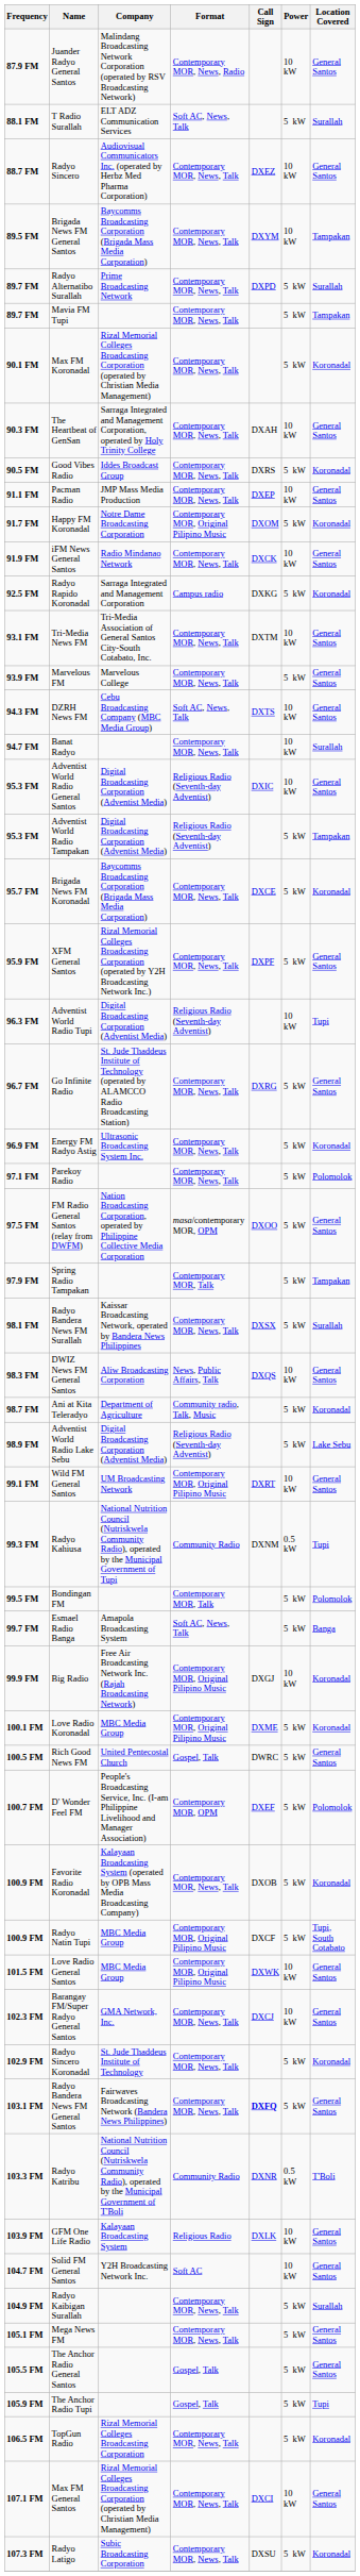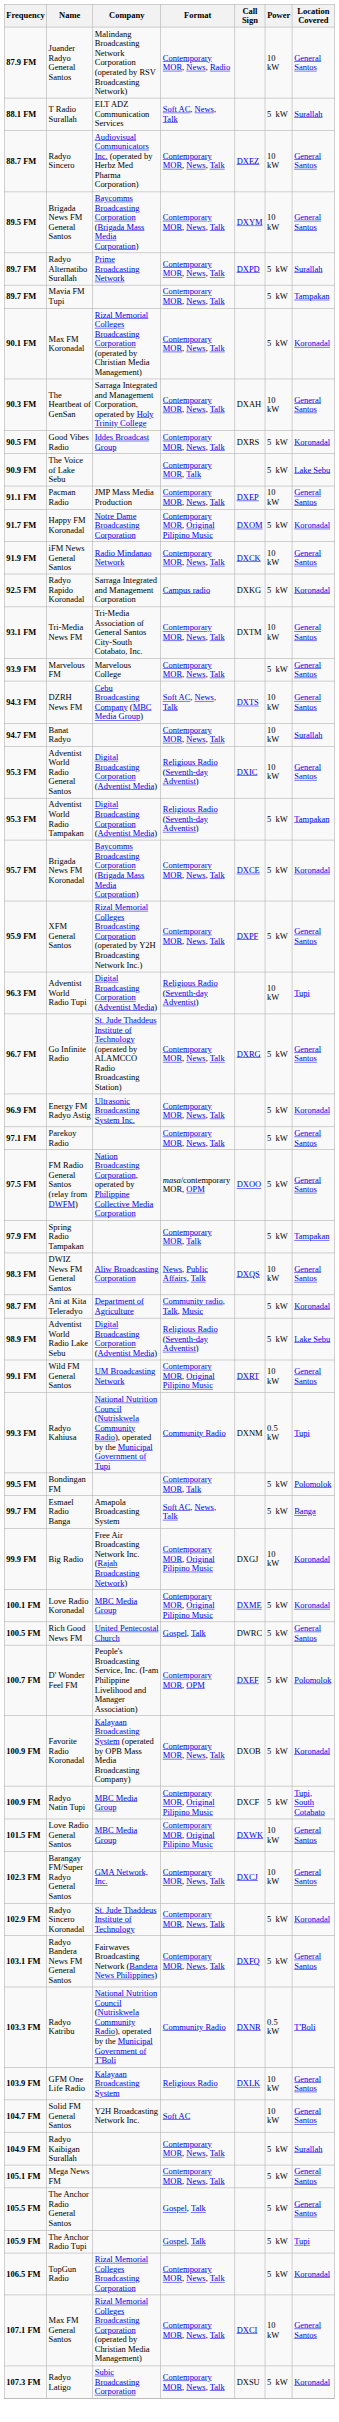 <table class="sortable wikitable" style="width:100%">
 <tr>
 <th>Frequency</th>
 <th>Name</th>
 <th>Company</th>
 <th>Format</th>
 <th>Call Sign</th>
 <th>Power</th>
 <th>Location Covered</th>
 </tr>
 <tr>
 <td><strong>87.9 FM</strong></td>
 <td>Juander Radyo General Santos</td>
 <td>Malindang Broadcasting Network Corporation (operated by RSV Broadcasting Network)</td>
 <td><a href='#'>Contemporary MOR</a>, <a href='#'>News</a>, <a href='#'>Radio</a></td>
 <td></td>
 <td>10  kW</td>
 <td><a href='#'>General Santos</a></td>
 </tr>
 <tr>
 <td><strong>88.1 FM</strong></td>
 <td>T Radio Surallah</td>
 <td>ELT ADZ Communication Services</td>
 <td><a href='#'>Soft AC</a>, <a href='#'>News</a>, <a href='#'>Talk</a></td>
 <td></td>
 <td>5  kW</td>
 <td><a href='#'>Surallah</a></td>
 </tr>
 <tr>
 <td><strong>88.7 FM</strong></td>
 <td>Radyo Sincero</td>
 <td><a href='#'>Audiovisual Communicators Inc.</a> (operated by Herbz Med Pharma Corporation)</td>
 <td><a href='#'>Contemporary MOR</a>, <a href='#'>News</a>, <a href='#'>Talk</a></td>
 <td><a href='#'>DXEZ</a></td>
 <td>10  kW</td>
 <td><a href='#'>General Santos</a></td>
 </tr>
 <tr>
 <td><strong>89.5 FM</strong></td>
 <td>Brigada News FM General Santos</td>
 <td><a href='#'>Baycomms Broadcasting Corporation</a> (<a href='#'>Brigada Mass Media Corporation</a>)</td>
 <td><a href='#'>Contemporary MOR</a>, <a href='#'>News</a>, <a href='#'>Talk</a></td>
 <td><a href='#'>DXYM</a></td>
 <td>10  kW</td>
-<td><a href='#'>Tampakan</a></td>
+<td><a href='#'>General Santos</a></td>
 </tr>
 <tr>
 <td><strong>89.7 FM</strong></td>
 <td>Radyo Alternatibo Surallah</td>
 <td><a href='#'>Prime Broadcasting Network</a></td>
 <td><a href='#'>Contemporary MOR</a>, <a href='#'>News</a>, <a href='#'>Talk</a></td>
 <td><a href='#'>DXPD</a></td>
 <td>5  kW</td>
 <td><a href='#'>Surallah</a></td>
 </tr>
 <tr>
 <td><strong>89.7 FM</strong></td>
 <td>Mavia FM Tupi</td>
 <td></td>
 <td><a href='#'>Contemporary MOR</a>, <a href='#'>News</a>, <a href='#'>Talk</a></td>
 <td></td>
 <td>5  kW</td>
 <td><a href='#'>Tampakan</a></td>
 </tr>
 <tr>
 <td><strong>90.1 FM</strong></td>
 <td>Max FM Koronadal</td>
 <td><a href='#'>Rizal Memorial Colleges Broadcasting Corporation</a> (operated by Christian Media Management)</td>
 <td><a href='#'>Contemporary MOR</a>, <a href='#'>News</a>, <a href='#'>Talk</a></td>
 <td></td>
 <td>5  kW</td>
 <td><a href='#'>Koronadal</a></td>
 </tr>
 <tr>
 <td><strong>90.3 FM</strong></td>
 <td>The Heartbeat of GenSan</td>
 <td>Sarraga Integrated and Management Corporation, operated by <a href='#'>Holy Trinity College</a></td>
 <td><a href='#'>Contemporary MOR</a>, <a href='#'>News</a>, <a href='#'>Talk</a></td>
 <td>DXAH</td>
 <td>10  kW</td>
 <td><a href='#'>General Santos</a></td>
 </tr>
 <tr>
 <td><strong>90.5 FM</strong></td>
 <td>Good Vibes Radio</td>
 <td><a href='#'>Iddes Broadcast Group</a></td>
 <td><a href='#'>Contemporary MOR</a>, <a href='#'>News</a>, <a href='#'>Talk</a></td>
 <td>DXRS</td>
 <td>5  kW</td>
 <td><a href='#'>Koronadal</a></td>
+</tr>
+<tr>
+<td><strong>90.9 FM</strong></td>
+<td>The Voice of Lake Sebu</td>
+<td></td>
+<td><a href='#'>Contemporary MOR</a>, <a href='#'>Talk</a></td>
+<td></td>
+<td>5  kW</td>
+<td><a href='#'>Lake Sebu</a></td>
 </tr>
 <tr>
 <td><strong>91.1 FM</strong></td>
 <td>Pacman Radio</td>
 <td>JMP Mass Media Production</td>
 <td><a href='#'>Contemporary MOR</a>, <a href='#'>News</a>, <a href='#'>Talk</a></td>
 <td><a href='#'>DXEP</a></td>
 <td>10  kW</td>
 <td><a href='#'>General Santos</a></td>
 </tr>
 <tr>
 <td><strong>91.7 FM</strong></td>
 <td>Happy FM Koronadal</td>
 <td><a href='#'>Notre Dame Broadcasting Corporation</a></td>
 <td><a href='#'>Contemporary MOR</a>, <a href='#'>Original Pilipino Music</a></td>
 <td><a href='#'>DXOM</a></td>
 <td>5  kW</td>
 <td><a href='#'>Koronadal</a></td>
 </tr>
 <tr>
 <td><strong>91.9 FM</strong></td>
 <td>iFM News General Santos</td>
 <td><a href='#'>Radio Mindanao Network</a></td>
 <td><a href='#'>Contemporary MOR</a>, <a href='#'>News</a>, <a href='#'>Talk</a></td>
 <td><a href='#'>DXCK</a></td>
 <td>10  kW</td>
 <td><a href='#'>General Santos</a></td>
 </tr>
 <tr>
 <td><strong>92.5 FM</strong></td>
 <td>Radyo Rapido Koronadal</td>
 <td>Sarraga Integrated and Management Corporation</td>
 <td><a href='#'>Campus radio</a></td>
 <td>DXKG</td>
 <td>5  kW</td>
 <td><a href='#'>Koronadal</a></td>
 </tr>
 <tr>
 <td><strong>93.1 FM</strong></td>
 <td>Tri-Media News FM</td>
 <td>Tri-Media Association of General Santos City-South Cotabato, Inc.</td>
 <td><a href='#'>Contemporary MOR</a>, <a href='#'>News</a>, <a href='#'>Talk</a></td>
 <td>DXTM</td>
 <td>10  kW</td>
 <td><a href='#'>General Santos</a></td>
 </tr>
 <tr>
 <td><strong>93.9 FM</strong></td>
 <td>Marvelous FM</td>
 <td>Marvelous College</td>
 <td><a href='#'>Contemporary MOR</a>, <a href='#'>News</a>, <a href='#'>Talk</a></td>
 <td></td>
 <td>5  kW</td>
 <td><a href='#'>General Santos</a></td>
 </tr>
 <tr>
 <td><strong>94.3 FM</strong></td>
 <td>DZRH News FM</td>
 <td><a href='#'>Cebu Broadcasting Company</a> (<a href='#'>MBC Media Group</a>)</td>
 <td><a href='#'>Soft AC</a>, <a href='#'>News</a>, <a href='#'>Talk</a></td>
 <td><a href='#'>DXTS</a></td>
 <td>10  kW</td>
 <td><a href='#'>General Santos</a></td>
 </tr>
 <tr>
 <td><strong>94.7 FM</strong></td>
 <td>Banat Radyo</td>
 <td></td>
 <td><a href='#'>Contemporary MOR</a>, <a href='#'>News</a>, <a href='#'>Talk</a></td>
 <td></td>
 <td>10  kW</td>
 <td><a href='#'>Surallah</a></td>
 </tr>
 <tr>
 <td><strong>95.3 FM</strong></td>
 <td>Adventist World Radio General Santos</td>
 <td><a href='#'>Digital Broadcasting Corporation</a> (<a href='#'>Adventist Media</a>)</td>
 <td><a href='#'>Religious Radio</a> (<a href='#'>Seventh-day Adventist</a>)</td>
 <td><a href='#'>DXIC</a></td>
 <td>10  kW</td>
 <td><a href='#'>General Santos</a></td>
 </tr>
 <tr>
 <td><strong>95.3 FM</strong></td>
 <td>Adventist World Radio Tampakan</td>
 <td><a href='#'>Digital Broadcasting Corporation</a> (<a href='#'>Adventist Media</a>)</td>
 <td><a href='#'>Religious Radio</a> (<a href='#'>Seventh-day Adventist</a>)</td>
 <td></td>
 <td>5  kW</td>
 <td><a href='#'>Tampakan</a></td>
 </tr>
 <tr>
 <td><strong>95.7 FM</strong></td>
 <td>Brigada News FM Koronadal</td>
 <td><a href='#'>Baycomms Broadcasting Corporation</a> (<a href='#'>Brigada Mass Media Corporation</a>)</td>
 <td><a href='#'>Contemporary MOR</a>, <a href='#'>News</a>, <a href='#'>Talk</a></td>
 <td><a href='#'>DXCE</a></td>
 <td>5  kW</td>
 <td><a href='#'>Koronadal</a></td>
 </tr>
 <tr>
 <td><strong>95.9 FM</strong></td>
 <td>XFM General Santos</td>
 <td><a href='#'>Rizal Memorial Colleges Broadcasting Corporation</a> (operated by Y2H Broadcasting Network Inc.)</td>
 <td><a href='#'>Contemporary MOR</a>, <a href='#'>News</a>, <a href='#'>Talk</a></td>
 <td><a href='#'>DXPF</a></td>
 <td>5  kW</td>
 <td><a href='#'>General Santos</a></td>
 </tr>
 <tr>
 <td><strong>96.3 FM</strong></td>
 <td>Adventist World Radio Tupi</td>
 <td><a href='#'>Digital Broadcasting Corporation</a> (<a href='#'>Adventist Media</a>)</td>
 <td><a href='#'>Religious Radio</a> (<a href='#'>Seventh-day Adventist</a>)</td>
 <td></td>
 <td>10  kW</td>
 <td><a href='#'>Tupi</a></td>
 </tr>
 <tr>
 <td><strong>96.7 FM</strong></td>
 <td>Go Infinite Radio</td>
 <td><a href='#'>St. Jude Thaddeus Institute of Technology</a> (operated by ALAMCCO Radio Broadcasting Station)</td>
 <td><a href='#'>Contemporary MOR</a>, <a href='#'>News</a>, <a href='#'>Talk</a></td>
 <td><a href='#'>DXRG</a></td>
 <td>5  kW</td>
 <td><a href='#'>General Santos</a></td>
 </tr>
 <tr>
 <td><strong>96.9 FM</strong></td>
 <td>Energy FM Radyo Astig</td>
 <td><a href='#'>Ultrasonic Broadcasting System Inc.</a></td>
 <td><a href='#'>Contemporary MOR</a>, <a href='#'>News</a>, <a href='#'>Talk</a></td>
 <td></td>
 <td>5  kW</td>
 <td><a href='#'>Koronadal</a></td>
 </tr>
 <tr>
 <td><strong>97.1 FM</strong></td>
 <td>Parekoy Radio</td>
 <td></td>
 <td><a href='#'>Contemporary MOR</a>, <a href='#'>News</a>, <a href='#'>Talk</a></td>
 <td></td>
 <td>5  kW</td>
-<td><a href='#'>Polomolok</a></td>
+<td><a href='#'>General Santos</a></td>
 </tr>
 <tr>
 <td><strong>97.5 FM</strong></td>
 <td>FM Radio General Santos (relay from <a href='#'>DWFM</a>)</td>
 <td><a href='#'>Nation Broadcasting Corporation</a>, operated by <a href='#'>Philippine Collective Media Corporation</a></td>
 <td><em>masa</em>/contemporary MOR, <a href='#'>OPM</a></td>
 <td><a href='#'>DXOO</a></td>
 <td>5  kW</td>
 <td><a href='#'>General Santos</a></td>
 </tr>
 <tr>
 <td><strong>97.9 FM</strong></td>
 <td>Spring Radio Tampakan</td>
 <td></td>
 <td><a href='#'>Contemporary MOR</a>, <a href='#'>Talk</a></td>
 <td></td>
 <td>5  kW</td>
 <td><a href='#'>Tampakan</a></td>
-</tr>
-<tr>
-<td><strong>98.1 FM</strong></td>
-<td>Radyo Bandera News FM Surallah</td>
-<td>Kaissar Broadcasting Network, operated by <a href='#'>Bandera News Philippines</a></td>
-<td><a href='#'>Contemporary MOR</a>, <a href='#'>News</a>, <a href='#'>Talk</a></td>
-<td><a href='#'>DXSX</a></td>
-<td>5  kW</td>
-<td><a href='#'>Surallah</a></td>
 </tr>
 <tr>
 <td><strong>98.3 FM</strong></td>
 <td>DWIZ News FM General Santos</td>
 <td><a href='#'>Aliw Broadcasting Corporation</a></td>
 <td><a href='#'>News</a>, <a href='#'>Public Affairs</a>, <a href='#'>Talk</a></td>
 <td><a href='#'>DXQS</a></td>
 <td>10  kW</td>
 <td><a href='#'>General Santos</a></td>
 </tr>
 <tr>
 <td><strong>98.7 FM</strong></td>
 <td>Ani at Kita Teleradyo</td>
 <td><a href='#'>Department of Agriculture</a></td>
 <td><a href='#'>Community radio</a>, <a href='#'>Talk</a>, <a href='#'>Music</a></td>
 <td></td>
 <td>5  kW</td>
 <td><a href='#'>Koronadal</a></td>
 </tr>
 <tr>
 <td><strong>98.9 FM</strong></td>
 <td>Adventist World Radio Lake Sebu</td>
 <td><a href='#'>Digital Broadcasting Corporation</a> (<a href='#'>Adventist Media</a>)</td>
 <td><a href='#'>Religious Radio</a> (<a href='#'>Seventh-day Adventist</a>)</td>
 <td></td>
 <td>5  kW</td>
 <td><a href='#'>Lake Sebu</a></td>
 </tr>
 <tr>
 <td><strong>99.1 FM</strong></td>
 <td>Wild FM General Santos</td>
 <td><a href='#'>UM Broadcasting Network</a></td>
 <td><a href='#'>Contemporary MOR</a>, <a href='#'>Original Pilipino Music</a></td>
 <td><a href='#'>DXRT</a></td>
 <td>10  kW</td>
 <td><a href='#'>General Santos</a></td>
 </tr>
 <tr>
 <td><strong>99.3 FM</strong></td>
 <td>Radyo Kahiusa</td>
 <td><a href='#'>National Nutrition Council</a> (<a href='#'>Nutriskwela Community Radio</a>), operated by the <a href='#'>Municipal Government of Tupi</a></td>
 <td><a href='#'>Community Radio</a></td>
 <td>DXNM</td>
 <td>0.5  kW</td>
 <td><a href='#'>Tupi</a></td>
 </tr>
 <tr>
 <td><strong>99.5 FM</strong></td>
 <td>Bondingan FM</td>
 <td></td>
 <td><a href='#'>Contemporary MOR</a>, <a href='#'>Talk</a></td>
 <td></td>
 <td>5  kW</td>
 <td><a href='#'>Polomolok</a></td>
 </tr>
 <tr>
 <td><strong>99.7 FM</strong></td>
 <td>Esmael Radio Banga</td>
 <td>Amapola Broadcasting System</td>
 <td><a href='#'>Soft AC</a>, <a href='#'>News</a>, <a href='#'>Talk</a></td>
 <td></td>
 <td>5  kW</td>
 <td><a href='#'>Banga</a></td>
 </tr>
 <tr>
 <td><strong>99.9 FM</strong></td>
 <td>Big Radio</td>
 <td>Free Air Broadcasting Network Inc. (<a href='#'>Rajah Broadcasting Network</a>)</td>
 <td><a href='#'>Contemporary MOR</a>, <a href='#'>Original Pilipino Music</a></td>
 <td>DXGJ</td>
 <td>10  kW</td>
 <td><a href='#'>Koronadal</a></td>
 </tr>
 <tr>
 <td><strong>100.1 FM</strong></td>
 <td>Love Radio Koronadal</td>
 <td><a href='#'>MBC Media Group</a></td>
 <td><a href='#'>Contemporary MOR</a>, <a href='#'>Original Pilipino Music</a></td>
 <td><a href='#'>DXME</a></td>
 <td>5  kW</td>
 <td><a href='#'>Koronadal</a></td>
 </tr>
 <tr>
 <td><strong>100.5 FM</strong></td>
 <td>Rich Good News FM</td>
 <td><a href='#'>United Pentecostal Church</a></td>
 <td><a href='#'>Gospel</a>, <a href='#'>Talk</a></td>
 <td>DWRC</td>
 <td>5  kW</td>
 <td><a href='#'>General Santos</a></td>
 </tr>
 <tr>
 <td><strong>100.7 FM</strong></td>
 <td>D' Wonder Feel FM</td>
 <td>People's Broadcasting Service, Inc. (I-am Philippine Livelihood and Manager Association)</td>
 <td><a href='#'>Contemporary MOR</a>, <a href='#'>OPM</a></td>
 <td><a href='#'>DXEF</a></td>
 <td>5  kW</td>
 <td><a href='#'>Polomolok</a></td>
 </tr>
 <tr>
 <td><strong>100.9 FM</strong></td>
 <td>Favorite Radio Koronadal</td>
 <td><a href='#'>Kalayaan Broadcasting System</a> (operated by OPB Mass Media Broadcasting Company)</td>
 <td><a href='#'>Contemporary MOR</a>, <a href='#'>News</a>, <a href='#'>Talk</a></td>
 <td>DXOB</td>
 <td>5  kW</td>
 <td><a href='#'>Koronadal</a></td>
 </tr>
 <tr>
 <td><strong>100.9 FM</strong></td>
 <td>Radyo Natin Tupi</td>
 <td><a href='#'>MBC Media Group</a></td>
 <td><a href='#'>Contemporary MOR</a>, <a href='#'>Original Pilipino Music</a></td>
 <td>DXCF</td>
 <td>5  kW</td>
 <td><a href='#'>Tupi, South Cotabato</a></td>
 </tr>
 <tr>
 <td><strong>101.5 FM</strong></td>
 <td>Love Radio General Santos</td>
 <td><a href='#'>MBC Media Group</a></td>
 <td><a href='#'>Contemporary MOR</a>, <a href='#'>Original Pilipino Music</a></td>
 <td><a href='#'>DXWK</a></td>
 <td>10  kW</td>
 <td><a href='#'>General Santos</a></td>
 </tr>
 <tr>
 <td><strong>102.3 FM</strong></td>
 <td>Barangay FM/Super Radyo General Santos</td>
 <td><a href='#'>GMA Network, Inc.</a></td>
 <td><a href='#'>Contemporary MOR</a>, <a href='#'>News</a>, <a href='#'>Talk</a></td>
 <td><a href='#'>DXCJ</a></td>
 <td>10  kW</td>
 <td><a href='#'>General Santos</a></td>
 </tr>
 <tr>
 <td><strong>102.9 FM</strong></td>
 <td>Radyo Sincero Koronadal</td>
 <td><a href='#'>St. Jude Thaddeus Institute of Technology</a></td>
 <td><a href='#'>Contemporary MOR</a>, <a href='#'>News</a>, <a href='#'>Talk</a></td>
 <td></td>
 <td>5  kW</td>
 <td><a href='#'>Koronadal</a></td>
 </tr>
 <tr>
 <td><strong>103.1 FM</strong></td>
 <td>Radyo Bandera News FM General Santos</td>
 <td>Fairwaves Broadcasting Network (<a href='#'>Bandera News Philippines</a>)</td>
 <td><a href='#'>Contemporary MOR</a>, <a href='#'>News</a>, <a href='#'>Talk</a></td>
-<td><strong><a href='#'>DXFQ</a></strong></td>
+<td><a href='#'>DXFQ</a></td>
 <td>5  kW</td>
 <td><a href='#'>General Santos</a></td>
 </tr>
 <tr>
 <td><strong>103.3 FM</strong></td>
 <td>Radyo Katribu</td>
 <td><a href='#'>National Nutrition Council</a> (<a href='#'>Nutriskwela Community Radio</a>), operated by the <a href='#'>Municipal Government of T'Boli</a></td>
 <td><a href='#'>Community Radio</a></td>
 <td><a href='#'>DXNR</a></td>
 <td>0.5  kW</td>
 <td><a href='#'>T'Boli</a></td>
 </tr>
 <tr>
 <td><strong>103.9 FM</strong></td>
 <td>GFM One Life Radio</td>
 <td><a href='#'>Kalayaan Broadcasting System</a></td>
 <td><a href='#'>Religious Radio</a></td>
 <td><a href='#'>DXLK</a></td>
 <td>10  kW</td>
 <td><a href='#'>General Santos</a></td>
 </tr>
 <tr>
 <td><strong>104.7 FM</strong></td>
 <td>Solid FM General Santos</td>
 <td>Y2H Broadcasting Network Inc.</td>
 <td><a href='#'>Soft AC</a></td>
 <td></td>
 <td>10  kW</td>
 <td><a href='#'>General Santos</a></td>
 </tr>
 <tr>
 <td><strong>104.9 FM</strong></td>
 <td>Radyo Kaibigan Surallah</td>
 <td></td>
 <td><a href='#'>Contemporary MOR</a>, <a href='#'>News</a>, <a href='#'>Talk</a></td>
 <td></td>
 <td>5  kW</td>
 <td><a href='#'>Surallah</a></td>
 </tr>
 <tr>
 <td><strong>105.1 FM</strong></td>
 <td>Mega News FM</td>
 <td></td>
 <td><a href='#'>Contemporary MOR</a>, <a href='#'>News</a>, <a href='#'>Talk</a></td>
 <td></td>
 <td>5  kW</td>
 <td><a href='#'>General Santos</a></td>
 </tr>
 <tr>
 <td><strong>105.5 FM</strong></td>
 <td>The Anchor Radio General Santos</td>
 <td></td>
 <td><a href='#'>Gospel</a>, <a href='#'>Talk</a></td>
 <td></td>
 <td>5  kW</td>
 <td><a href='#'>General Santos</a></td>
 </tr>
 <tr>
 <td><strong>105.9 FM</strong></td>
 <td>The Anchor Radio Tupi</td>
 <td></td>
 <td><a href='#'>Gospel</a>, <a href='#'>Talk</a></td>
 <td></td>
 <td>5  kW</td>
 <td><a href='#'>Tupi</a></td>
 </tr>
 <tr>
 <td><strong>106.5 FM</strong></td>
 <td>TopGun Radio</td>
 <td><a href='#'>Rizal Memorial Colleges Broadcasting Corporation</a></td>
 <td><a href='#'>Contemporary MOR</a>, <a href='#'>News</a>, <a href='#'>Talk</a></td>
 <td></td>
 <td>5  kW</td>
 <td><a href='#'>Koronadal</a></td>
 </tr>
 <tr>
 <td><strong>107.1 FM</strong></td>
 <td>Max FM General Santos</td>
 <td><a href='#'>Rizal Memorial Colleges Broadcasting Corporation</a> (operated by Christian Media Management)</td>
 <td><a href='#'>Contemporary MOR</a>, <a href='#'>News</a>, <a href='#'>Talk</a></td>
 <td><a href='#'>DXCI</a></td>
 <td>10  kW</td>
 <td><a href='#'>General Santos</a></td>
 </tr>
 <tr>
 <td><strong>107.3 FM</strong></td>
 <td>Radyo Latigo</td>
 <td><a href='#'>Subic Broadcasting Corporation</a></td>
 <td><a href='#'>Contemporary MOR</a>, <a href='#'>News</a>, <a href='#'>Talk</a></td>
 <td>DXSU</td>
 <td>5  kW</td>
 <td><a href='#'>Koronadal</a></td>
 </tr>
 <tr>
 </tr>
 </table>
